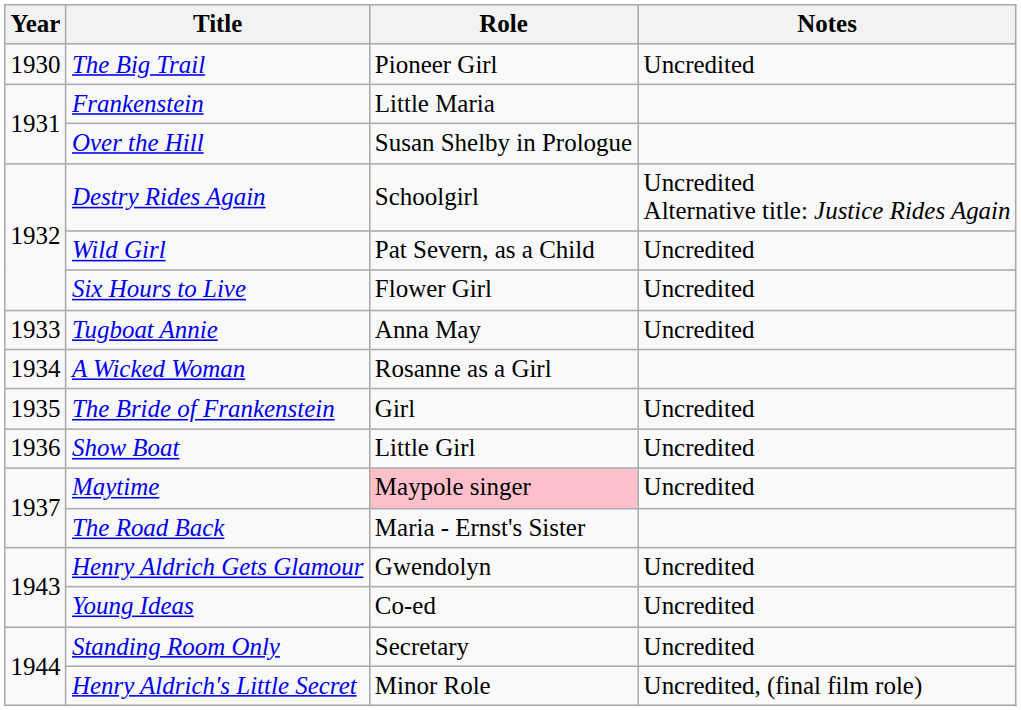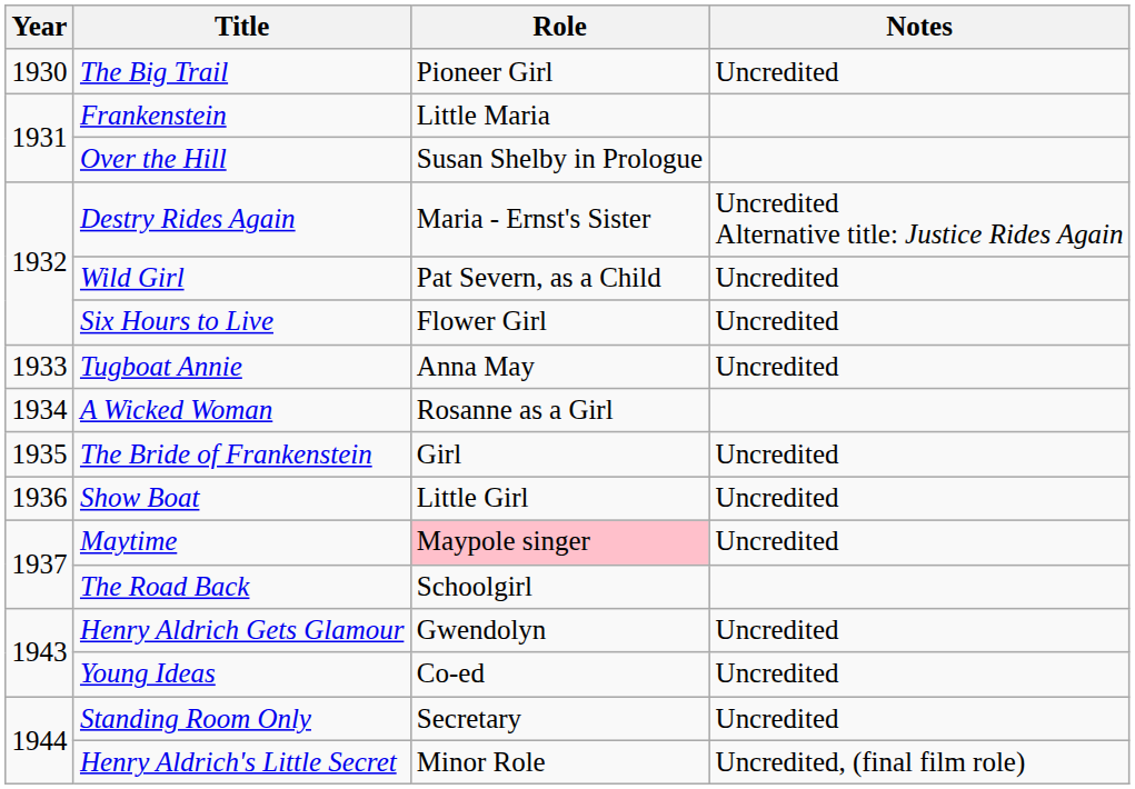 <table class="wikitable sortable">
 <tr>
 <th>Year</th>
 <th>Title</th>
 <th>Role</th>
 <th class="unsortable">Notes</th>
 </tr>
 <tr>
 <td>1930</td>
 <td><em><a href='#'>The Big Trail</a></em></td>
 <td>Pioneer Girl</td>
 <td>Uncredited</td>
 </tr>
 <tr>
 <td rowspan=2>1931</td>
 <td><em><a href='#'>Frankenstein</a></em></td>
 <td>Little Maria</td>
 <td></td>
 </tr>
 <tr>
 <td><em><a href='#'>Over the Hill</a></em></td>
 <td>Susan Shelby in Prologue</td>
 <td></td>
 </tr>
 <tr>
 <td rowspan=3>1932</td>
 <td><em><a href='#'>Destry Rides Again</a></em></td>
-<td>Schoolgirl</td>
+<td>Maria - Ernst's Sister</td>
 <td>Uncredited<br>Alternative title: <em>Justice Rides Again</em></td>
 </tr>
 <tr>
 <td><em><a href='#'>Wild Girl</a></em></td>
 <td>Pat Severn, as a Child</td>
 <td>Uncredited</td>
 </tr>
 <tr>
 <td><em><a href='#'>Six Hours to Live</a></em></td>
 <td>Flower Girl</td>
 <td>Uncredited</td>
 </tr>
 <tr>
 <td>1933</td>
 <td><em><a href='#'>Tugboat Annie</a></em></td>
 <td>Anna May</td>
 <td>Uncredited</td>
 </tr>
 <tr>
 <td>1934</td>
 <td><em><a href='#'>A Wicked Woman</a></em></td>
 <td>Rosanne as a Girl</td>
 <td></td>
 </tr>
 <tr>
 <td>1935</td>
 <td><em><a href='#'>The Bride of Frankenstein</a></em></td>
 <td>Girl</td>
 <td>Uncredited</td>
 </tr>
 <tr>
 <td>1936</td>
 <td><em><a href='#'>Show Boat</a></em></td>
 <td>Little Girl</td>
 <td>Uncredited</td>
 </tr>
 <tr>
 <td rowspan=2>1937</td>
 <td><em><a href='#'>Maytime</a></em></td>
 <td style="background: pink;">Maypole singer</td>
 <td>Uncredited</td>
 </tr>
 <tr>
 <td><em><a href='#'>The Road Back</a></em></td>
-<td>Maria - Ernst's Sister</td>
+<td>Schoolgirl</td>
 <td></td>
 </tr>
 <tr>
 <td rowspan=2>1943</td>
 <td><em><a href='#'>Henry Aldrich Gets Glamour</a></em></td>
 <td>Gwendolyn</td>
 <td>Uncredited</td>
 </tr>
 <tr>
 <td><em><a href='#'>Young Ideas</a></em></td>
 <td>Co-ed</td>
 <td>Uncredited</td>
 </tr>
 <tr>
 <td rowspan=2>1944</td>
 <td><em><a href='#'>Standing Room Only</a></em></td>
 <td>Secretary</td>
 <td>Uncredited</td>
 </tr>
 <tr>
 <td><em><a href='#'>Henry Aldrich's Little Secret</a></em></td>
 <td>Minor Role</td>
 <td>Uncredited, (final film role)</td>
 </tr>
 </table>
